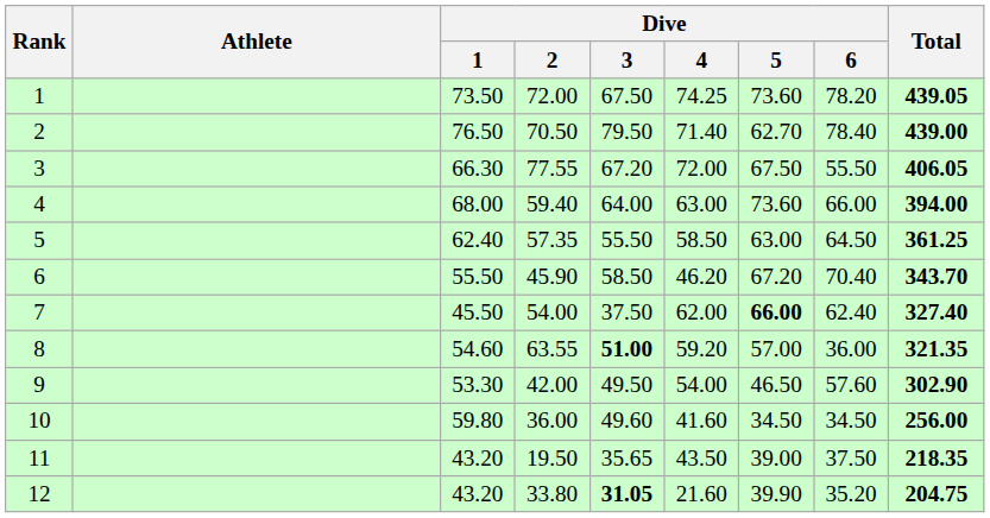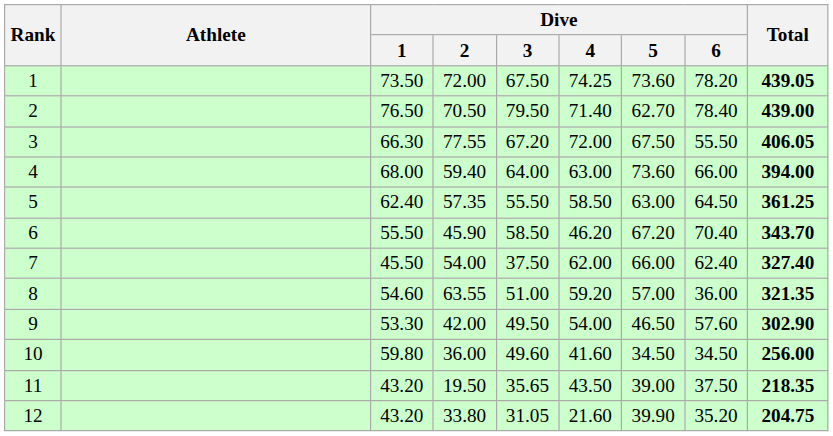 <table class=wikitable style="text-align:center">
 <tr>
 <th rowspan="2" width=40>Rank</th>
 <th rowspan="2" width=250>Athlete</th>
 <th colspan="6">Dive</th>
 <th rowspan="2" width=60>Total</th>
 </tr>
 <tr>
 <th width=45>1</th>
 <th width=45>2</th>
 <th width=45>3</th>
 <th width=45>4</th>
 <th width=45>5</th>
 <th width=45>6</th>
 </tr>
 <tr bgcolor="ccffcc">
 <td>1</td>
 <td align=left></td>
 <td>73.50</td>
 <td>72.00</td>
 <td>67.50</td>
 <td>74.25</td>
 <td>73.60</td>
 <td>78.20</td>
 <td><strong>439.05</strong></td>
 </tr>
 <tr bgcolor="ccffcc">
 <td>2</td>
 <td align=left></td>
 <td>76.50</td>
 <td>70.50</td>
 <td>79.50</td>
 <td>71.40</td>
 <td>62.70</td>
 <td>78.40</td>
 <td><strong>439.00</strong></td>
 </tr>
 <tr bgcolor="ccffcc">
 <td>3</td>
 <td align=left></td>
 <td>66.30</td>
 <td>77.55</td>
 <td>67.20</td>
 <td>72.00</td>
 <td>67.50</td>
 <td>55.50</td>
 <td><strong>406.05</strong></td>
 </tr>
 <tr bgcolor="ccffcc">
 <td>4</td>
 <td align=left></td>
 <td>68.00</td>
 <td>59.40</td>
 <td>64.00</td>
 <td>63.00</td>
 <td>73.60</td>
 <td>66.00</td>
 <td><strong>394.00</strong></td>
 </tr>
 <tr bgcolor="ccffcc">
 <td>5</td>
 <td align=left></td>
 <td>62.40</td>
 <td>57.35</td>
 <td>55.50</td>
 <td>58.50</td>
 <td>63.00</td>
 <td>64.50</td>
 <td><strong>361.25</strong></td>
 </tr>
 <tr bgcolor="ccffcc">
 <td>6</td>
 <td align=left></td>
 <td>55.50</td>
 <td>45.90</td>
 <td>58.50</td>
 <td>46.20</td>
 <td>67.20</td>
 <td>70.40</td>
 <td><strong>343.70</strong></td>
 </tr>
 <tr bgcolor="ccffcc">
 <td>7</td>
 <td align=left></td>
 <td>45.50</td>
 <td>54.00</td>
 <td>37.50</td>
 <td>62.00</td>
-<td><strong>66.00</strong></td>
+<td>66.00</td>
 <td>62.40</td>
 <td><strong>327.40</strong></td>
 </tr>
 <tr bgcolor="ccffcc">
 <td>8</td>
 <td align=left></td>
 <td>54.60</td>
 <td>63.55</td>
-<td><strong>51.00</strong></td>
+<td>51.00</td>
 <td>59.20</td>
 <td>57.00</td>
 <td>36.00</td>
 <td><strong>321.35</strong></td>
 </tr>
 <tr bgcolor="ccffcc">
 <td>9</td>
 <td align=left></td>
 <td>53.30</td>
 <td>42.00</td>
 <td>49.50</td>
 <td>54.00</td>
 <td>46.50</td>
 <td>57.60</td>
 <td><strong>302.90</strong></td>
 </tr>
 <tr bgcolor="ccffcc">
 <td>10</td>
 <td align=left></td>
 <td>59.80</td>
 <td>36.00</td>
 <td>49.60</td>
 <td>41.60</td>
 <td>34.50</td>
 <td>34.50</td>
 <td><strong>256.00</strong></td>
 </tr>
 <tr bgcolor="ccffcc">
 <td>11</td>
 <td align=left></td>
 <td>43.20</td>
 <td>19.50</td>
 <td>35.65</td>
 <td>43.50</td>
 <td>39.00</td>
 <td>37.50</td>
 <td><strong>218.35</strong></td>
 </tr>
 <tr bgcolor="ccffcc">
 <td>12</td>
 <td align=left></td>
 <td>43.20</td>
 <td>33.80</td>
-<td><strong>31.05</strong></td>
+<td>31.05</td>
 <td>21.60</td>
 <td>39.90</td>
 <td>35.20</td>
 <td><strong>204.75</strong></td>
 </tr>
 </table>
